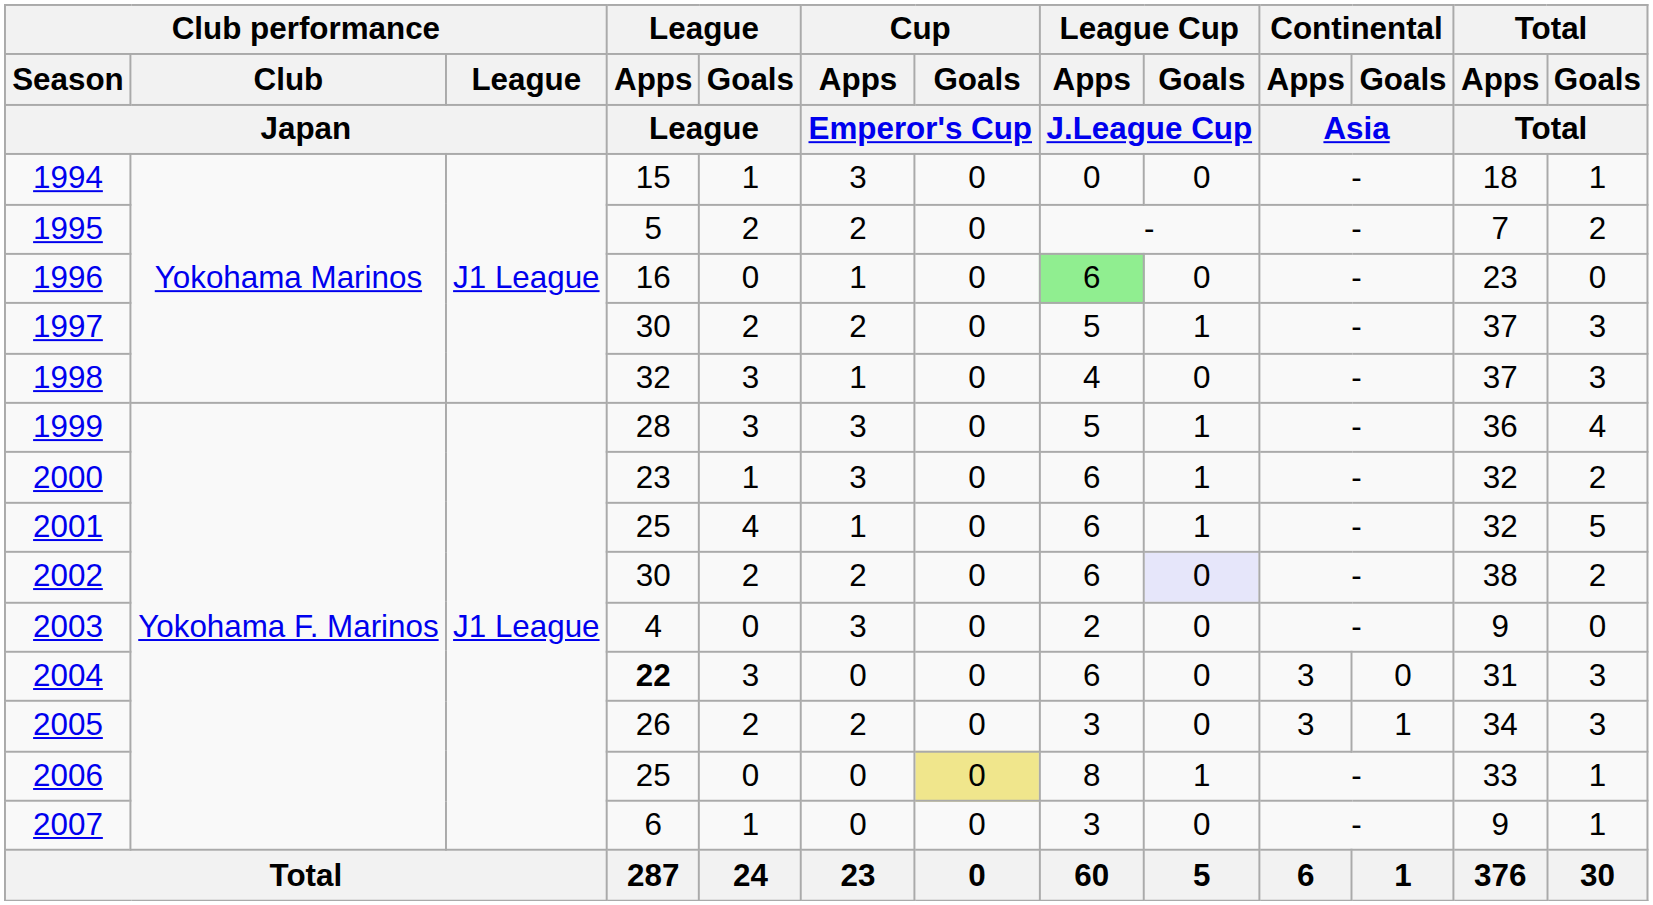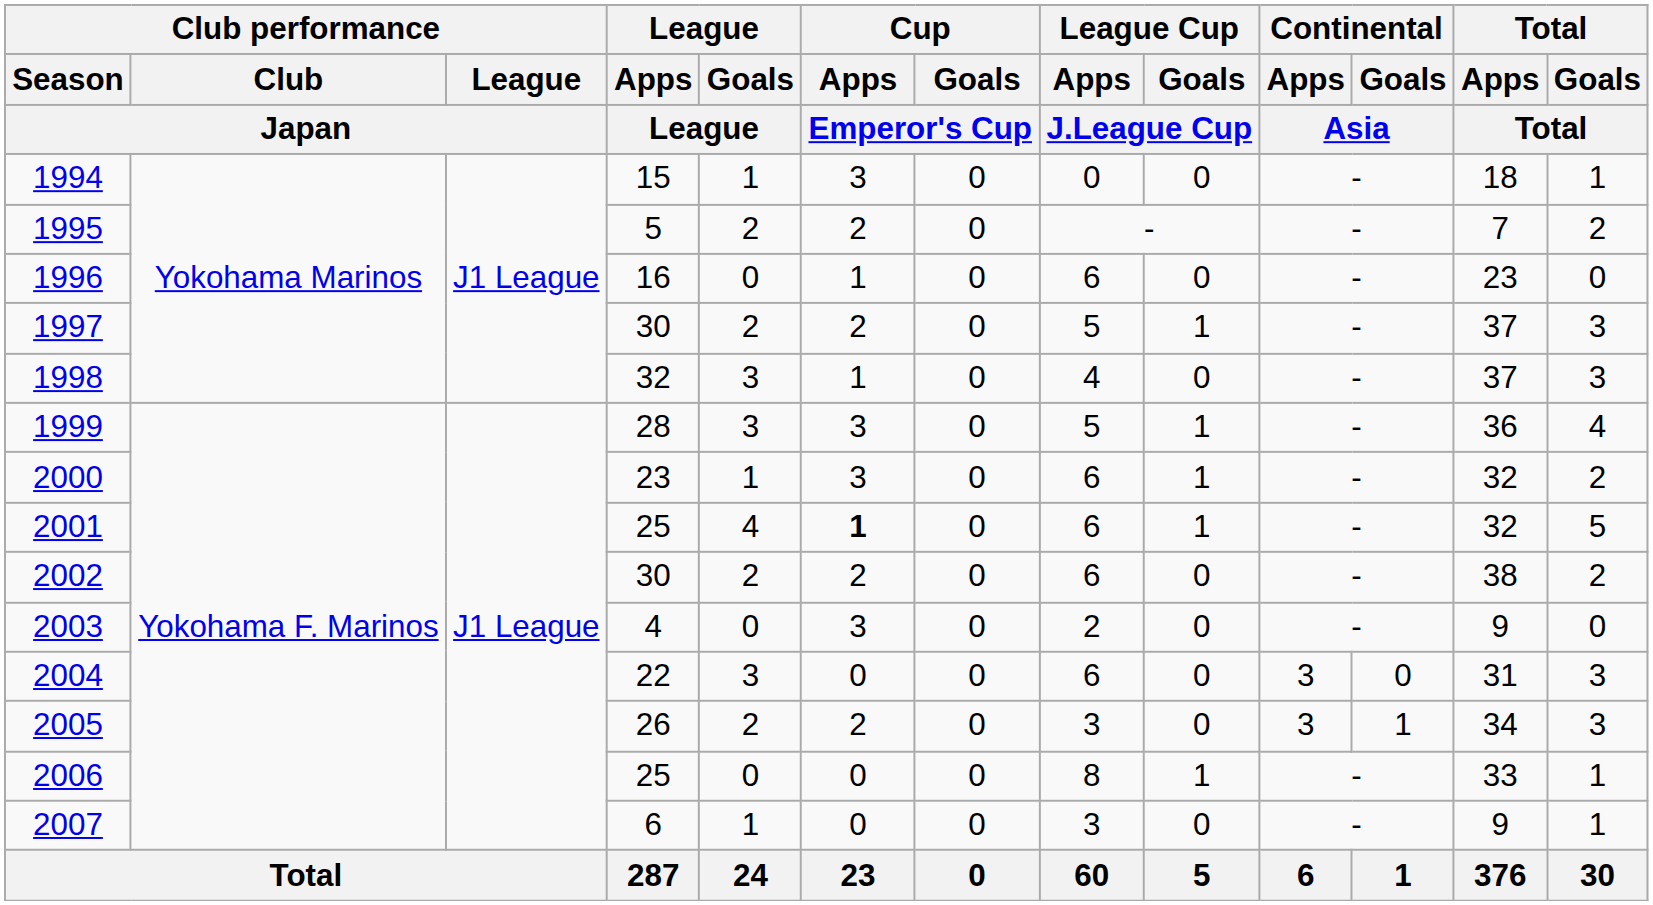 <table class="wikitable" style="text-align:center;">
 <tr>
 <th colspan=3>Club performance</th>
 <th colspan=2>League</th>
 <th colspan=2>Cup</th>
 <th colspan=2>League Cup</th>
 <th colspan=2>Continental</th>
 <th colspan=2>Total</th>
 </tr>
 <tr>
 <th>Season</th>
 <th>Club</th>
 <th>League</th>
 <th>Apps</th>
 <th>Goals</th>
 <th>Apps</th>
 <th>Goals</th>
 <th>Apps</th>
 <th>Goals</th>
 <th>Apps</th>
 <th>Goals</th>
 <th>Apps</th>
 <th>Goals</th>
 </tr>
 <tr>
 <th colspan=3>Japan</th>
 <th colspan=2>League</th>
 <th colspan=2><a href='#'>Emperor's Cup</a></th>
 <th colspan=2><a href='#'>J.League Cup</a></th>
 <th colspan=2><a href='#'>Asia</a></th>
 <th colspan=2>Total</th>
 </tr>
 <tr>
 <td><a href='#'>1994</a></td>
 <td rowspan="5"><a href='#'>Yokohama Marinos</a></td>
 <td rowspan="5"><a href='#'>J1 League</a></td>
 <td>15</td>
 <td>1</td>
 <td>3</td>
 <td>0</td>
 <td>0</td>
 <td>0</td>
 <td colspan="2">-</td>
 <td>18</td>
 <td>1</td>
 </tr>
 <tr>
 <td><a href='#'>1995</a></td>
 <td>5</td>
 <td>2</td>
 <td>2</td>
 <td>0</td>
 <td colspan="2">-</td>
 <td colspan="2">-</td>
 <td>7</td>
 <td>2</td>
 </tr>
 <tr>
 <td><a href='#'>1996</a></td>
 <td>16</td>
 <td>0</td>
 <td>1</td>
 <td>0</td>
-<td style="background: lightgreen;">6</td>
+<td>6</td>
 <td>0</td>
 <td colspan="2">-</td>
 <td>23</td>
 <td>0</td>
 </tr>
 <tr>
 <td><a href='#'>1997</a></td>
 <td>30</td>
 <td>2</td>
 <td>2</td>
 <td>0</td>
 <td>5</td>
 <td>1</td>
 <td colspan="2">-</td>
 <td>37</td>
 <td>3</td>
 </tr>
 <tr>
 <td><a href='#'>1998</a></td>
 <td>32</td>
 <td>3</td>
 <td>1</td>
 <td>0</td>
 <td>4</td>
 <td>0</td>
 <td colspan="2">-</td>
 <td>37</td>
 <td>3</td>
 </tr>
 <tr>
 <td><a href='#'>1999</a></td>
 <td rowspan="9"><a href='#'>Yokohama F. Marinos</a></td>
 <td rowspan="9"><a href='#'>J1 League</a></td>
 <td>28</td>
 <td>3</td>
 <td>3</td>
 <td>0</td>
 <td>5</td>
 <td>1</td>
 <td colspan="2">-</td>
 <td>36</td>
 <td>4</td>
 </tr>
 <tr>
 <td><a href='#'>2000</a></td>
 <td>23</td>
 <td>1</td>
 <td>3</td>
 <td>0</td>
 <td>6</td>
 <td>1</td>
 <td colspan="2">-</td>
 <td>32</td>
 <td>2</td>
 </tr>
 <tr>
 <td><a href='#'>2001</a></td>
 <td>25</td>
 <td>4</td>
-<td>1</td>
+<td><strong>1</strong></td>
 <td>0</td>
 <td>6</td>
 <td>1</td>
 <td colspan="2">-</td>
 <td>32</td>
 <td>5</td>
 </tr>
 <tr>
 <td><a href='#'>2002</a></td>
 <td>30</td>
 <td>2</td>
 <td>2</td>
 <td>0</td>
 <td>6</td>
-<td style="background: lavender;">0</td>
+<td>0</td>
 <td colspan="2">-</td>
 <td>38</td>
 <td>2</td>
 </tr>
 <tr>
 <td><a href='#'>2003</a></td>
 <td>4</td>
 <td>0</td>
 <td>3</td>
 <td>0</td>
 <td>2</td>
 <td>0</td>
 <td colspan="2">-</td>
 <td>9</td>
 <td>0</td>
 </tr>
 <tr>
 <td><a href='#'>2004</a></td>
-<td><strong>22</strong></td>
+<td>22</td>
 <td>3</td>
 <td>0</td>
 <td>0</td>
 <td>6</td>
 <td>0</td>
 <td>3</td>
 <td>0</td>
 <td>31</td>
 <td>3</td>
 </tr>
 <tr>
 <td><a href='#'>2005</a></td>
 <td>26</td>
 <td>2</td>
 <td>2</td>
 <td>0</td>
 <td>3</td>
 <td>0</td>
 <td>3</td>
 <td>1</td>
 <td>34</td>
 <td>3</td>
 </tr>
 <tr>
 <td><a href='#'>2006</a></td>
 <td>25</td>
 <td>0</td>
 <td>0</td>
-<td style="background: khaki;">0</td>
+<td>0</td>
 <td>8</td>
 <td>1</td>
 <td colspan="2">-</td>
 <td>33</td>
 <td>1</td>
 </tr>
 <tr>
 <td><a href='#'>2007</a></td>
 <td>6</td>
 <td>1</td>
 <td>0</td>
 <td>0</td>
 <td>3</td>
 <td>0</td>
 <td colspan="2">-</td>
 <td>9</td>
 <td>1</td>
 </tr>
 <tr>
 <th colspan=3>Total</th>
 <th>287</th>
 <th>24</th>
 <th>23</th>
 <th>0</th>
 <th>60</th>
 <th>5</th>
 <th>6</th>
 <th>1</th>
 <th>376</th>
 <th>30</th>
 </tr>
 </table>
